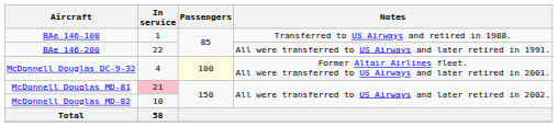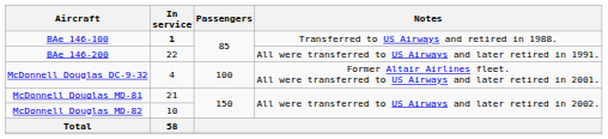 <table class="wikitable" style="text-align:center">
 <tr>
 <th>Aircraft</th>
 <th>In<br>service</th>
 <th>Passengers</th>
 <th>Notes</th>
 </tr>
 <tr>
 <td><a href='#'>BAe 146-100</a></td>
-<td>1</td>
+<td><strong>1</strong></td>
 <td rowspan=2>85</td>
 <td>Transferred to <a href='#'>US Airways</a> and retired in 1988.</td>
 </tr>
 <tr>
 <td><a href='#'>BAe 146-200</a></td>
 <td>22</td>
 <td>All were transferred to <a href='#'>US Airways</a> and later retired in 1991.</td>
 </tr>
 <tr>
 <td><a href='#'>McDonnell Douglas DC-9-32</a></td>
 <td>4</td>
-<td style="background: lightyellow;">100</td>
+<td>100</td>
 <td>Former <a href='#'>Altair Airlines</a> fleet.<br>All were transferred to <a href='#'>US Airways</a> and later retired in 2001.</td>
 </tr>
 <tr>
 <td><a href='#'>McDonnell Douglas MD-81</a></td>
-<td style="background: pink;">21</td>
+<td>21</td>
 <td rowspan=2>150</td>
 <td rowspan=2>All were transferred to <a href='#'>US Airways</a> and later retired in 2002.</td>
 </tr>
 <tr>
 <td><a href='#'>McDonnell Douglas MD-82</a></td>
 <td>10</td>
 </tr>
 <tr>
 <th>Total</th>
 <th>58</th>
 <th colspan=3></th>
 </tr>
 <tr>
 </tr>
 </table>
